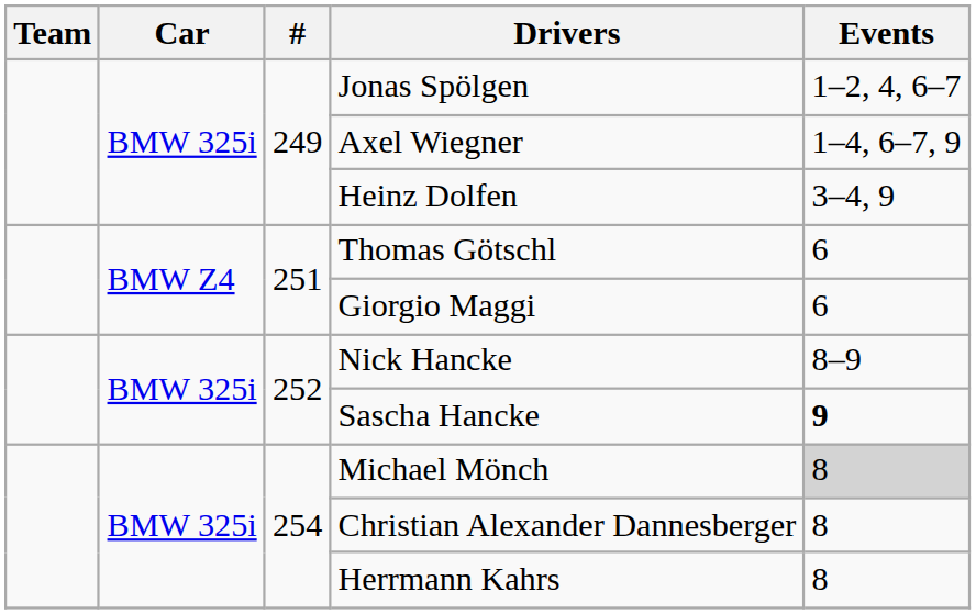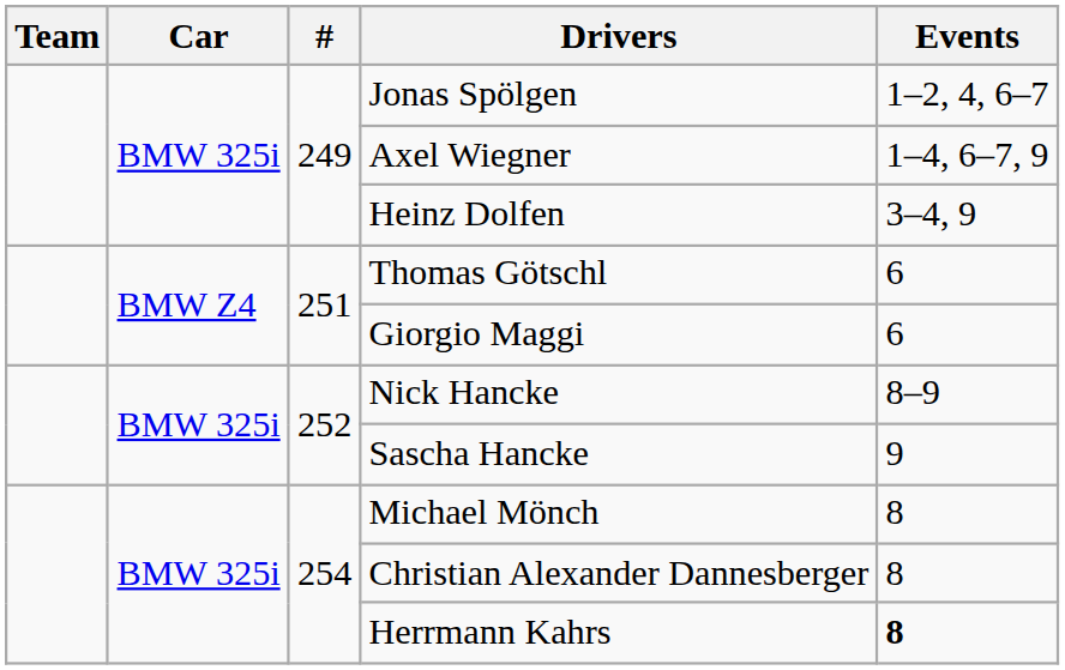 <table class="wikitable" style="font-size: 85%;">
 <tr>
 <th>Team</th>
 <th>Car</th>
 <th>#</th>
 <th>Drivers</th>
 <th>Events</th>
 </tr>
 <tr>
 <td rowspan=3></td>
 <td rowspan=3><a href='#'>BMW 325i</a></td>
 <td rowspan=3>249</td>
 <td> Jonas Spölgen</td>
 <td>1–2, 4, 6–7</td>
 </tr>
 <tr>
 <td> Axel Wiegner</td>
 <td>1–4, 6–7, 9</td>
 </tr>
 <tr>
 <td> Heinz Dolfen</td>
 <td>3–4, 9</td>
 </tr>
 <tr>
 <td rowspan=2></td>
 <td rowspan=2><a href='#'>BMW Z4</a></td>
 <td rowspan=2>251</td>
 <td> Thomas Götschl</td>
 <td>6</td>
 </tr>
 <tr>
 <td> Giorgio Maggi</td>
 <td>6</td>
 </tr>
 <tr>
 <td rowspan=2></td>
 <td rowspan=2><a href='#'>BMW 325i</a></td>
 <td rowspan=2>252</td>
 <td> Nick Hancke</td>
 <td>8–9</td>
 </tr>
 <tr>
 <td> Sascha Hancke</td>
-<td><strong>9</strong></td>
+<td>9</td>
 </tr>
 <tr>
 <td rowspan=3></td>
 <td rowspan=3><a href='#'>BMW 325i</a></td>
 <td rowspan=3>254</td>
 <td> Michael Mönch</td>
-<td style="background: lightgrey;">8</td>
+<td>8</td>
 </tr>
 <tr>
 <td> Christian Alexander Dannesberger</td>
 <td>8</td>
 </tr>
 <tr>
 <td> Herrmann Kahrs</td>
-<td>8</td>
+<td><strong>8</strong></td>
 </tr>
 </table>
